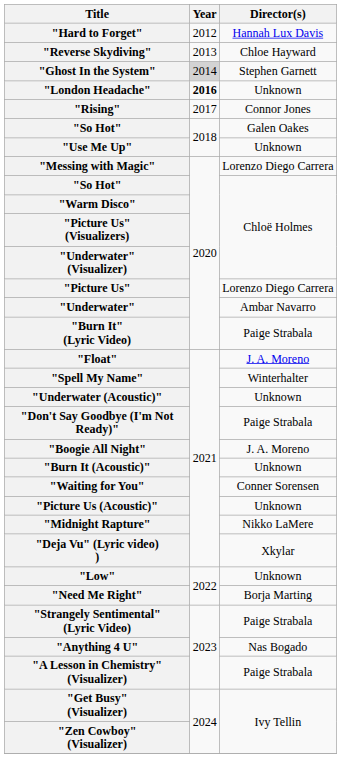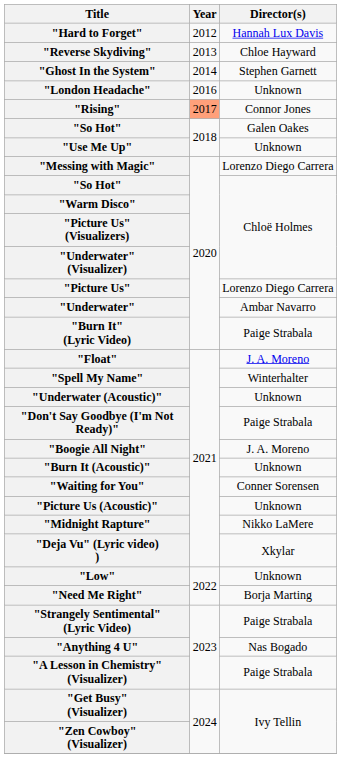 <table class="wikitable plainrowheaders" style="text-align:center;">
 <tr>
 <th scope="col" style="width:15em;">Title</th>
 <th scope="col">Year</th>
 <th scope="col">Director(s)</th>
 </tr>
 <tr>
 <th scope="row">"Hard to Forget"<br></th>
 <td>2012</td>
 <td><a href='#'>Hannah Lux Davis</a></td>
 </tr>
 <tr>
 <th scope="row">"Reverse Skydiving"<br></th>
 <td>2013</td>
 <td>Chloe Hayward</td>
 </tr>
 <tr>
 <th scope="row">"Ghost In the System"<br></th>
-<td style="background: lightgrey;">2014</td>
+<td>2014</td>
 <td>Stephen Garnett</td>
 </tr>
 <tr>
 <th scope="row">"London Headache"</th>
-<td><strong>2016</strong></td>
+<td>2016</td>
 <td>Unknown</td>
 </tr>
 <tr>
 <th scope="row">"Rising"<br></th>
-<td>2017</td>
+<td style="background: lightsalmon;">2017</td>
 <td>Connor Jones</td>
 </tr>
 <tr>
 <th scope="row">"So Hot"</th>
 <td rowspan="2">2018</td>
 <td>Galen Oakes</td>
 </tr>
 <tr>
 <th scope="row">"Use Me Up"<br></th>
 <td>Unknown</td>
 </tr>
 <tr>
 <th scope="row">"Messing with Magic"<br></th>
 <td rowspan="8">2020</td>
 <td>Lorenzo Diego Carrera</td>
 </tr>
 <tr>
 <th scope="row">"So Hot"<br></th>
 <td rowspan="4">Chloë Holmes</td>
 </tr>
 <tr>
 <th scope="row">"Warm Disco"<br></th>
 </tr>
 <tr>
 <th scope="row">"Picture Us"<br>(Visualizers)</th>
 </tr>
 <tr>
 <th scope="row">"Underwater"<br>(Visualizer)</th>
 </tr>
 <tr>
 <th scope="row">"Picture Us"</th>
 <td>Lorenzo Diego Carrera</td>
 </tr>
 <tr>
 <th scope="row">"Underwater"<br></th>
 <td>Ambar Navarro</td>
 </tr>
 <tr>
 <th scope="row">"Burn It"<br>(Lyric Video)</th>
 <td>Paige Strabala</td>
 </tr>
 <tr>
 <th scope="row">"Float"</th>
 <td rowspan="10">2021</td>
 <td><a href='#'>J. A. Moreno</a></td>
 </tr>
 <tr>
 <th scope="row">"Spell My Name"</th>
 <td>Winterhalter</td>
 </tr>
 <tr>
 <th scope="row">"Underwater (Acoustic)"</th>
 <td>Unknown</td>
 </tr>
 <tr>
 <th scope="row">"Don't Say Goodbye (I'm Not Ready)"</th>
 <td>Paige Strabala</td>
 </tr>
 <tr>
 <th scope="row">"Boogie All Night"<br></th>
 <td>J. A. Moreno</td>
 </tr>
 <tr>
 <th scope="row">"Burn It (Acoustic)"</th>
 <td>Unknown</td>
 </tr>
 <tr>
 <th scope="row">"Waiting for You"<br></th>
 <td>Conner Sorensen</td>
 </tr>
 <tr>
 <th scope="row">"Picture Us (Acoustic)"</th>
 <td>Unknown</td>
 </tr>
 <tr>
 <th scope="row">"Midnight Rapture"</th>
 <td>Nikko LaMere</td>
 </tr>
 <tr>
 <th scope="row">"Deja Vu" (Lyric video)<br>)</th>
 <td>Xkylar</td>
 </tr>
 <tr>
 <th scope="row">"Low"<br></th>
 <td rowspan="2">2022</td>
 <td>Unknown</td>
 </tr>
 <tr>
 <th scope="row">"Need Me Right"</th>
 <td>Borja Marting</td>
 </tr>
 <tr>
 <th scope="row">"Strangely Sentimental"<br>(Lyric Video)</th>
 <td rowspan="3">2023</td>
 <td>Paige Strabala</td>
 </tr>
 <tr>
 <th scope="row">"Anything 4 U"<br></th>
 <td>Nas Bogado</td>
 </tr>
 <tr>
 <th scope="row">"A Lesson in Chemistry"<br>(Visualizer)</th>
 <td>Paige Strabala</td>
 </tr>
 <tr>
 <th scope="row">"Get Busy"<br>(Visualizer)</th>
 <td rowspan="2">2024</td>
 <td rowspan="2">Ivy Tellin</td>
 </tr>
 <tr>
 <th scope="row">"Zen Cowboy"<br>(Visualizer)</th>
 </tr>
 <tr>
 </tr>
 </table>
